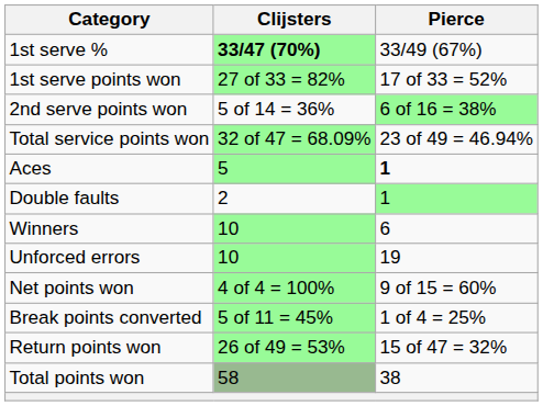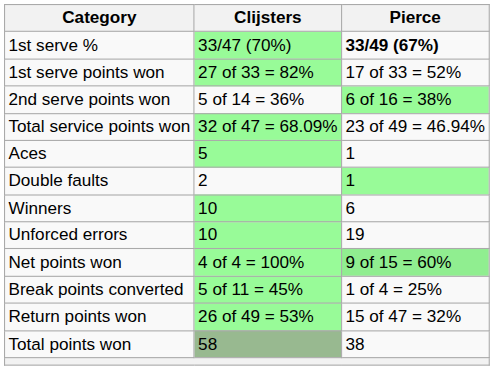 <table class="wikitable">
 <tr>
 <th>Category</th>
 <th> Clijsters</th>
 <th> Pierce</th>
 </tr>
 <tr>
 <td>1st serve %</td>
-<td bgcolor=98FB98><strong>33/47 (70%)</strong></td>
-<td>33/49 (67%)</td>
+<td bgcolor=98FB98>33/47 (70%)</td>
+<td><strong>33/49 (67%)</strong></td>
 </tr>
 <tr>
 <td>1st serve points won</td>
 <td bgcolor=98FB98>27 of 33 = 82%</td>
 <td>17 of 33 = 52%</td>
 </tr>
 <tr>
 <td>2nd serve points won</td>
 <td>5 of 14 = 36%</td>
 <td bgcolor=98FB98>6 of 16 = 38%</td>
 </tr>
 <tr>
 <td>Total service points won</td>
 <td bgcolor=98FB98>32 of 47 = 68.09%</td>
 <td>23 of 49 = 46.94%</td>
 </tr>
 <tr>
 <td>Aces</td>
 <td bgcolor=98FB98>5</td>
-<td><strong>1</strong></td>
+<td>1</td>
 </tr>
 <tr>
 <td>Double faults</td>
 <td>2</td>
 <td bgcolor=98FB98>1</td>
 </tr>
 <tr>
 <td>Winners</td>
 <td bgcolor=98FB98>10</td>
 <td>6</td>
 </tr>
 <tr>
 <td>Unforced errors</td>
 <td bgcolor=98FB98>10</td>
 <td>19</td>
 </tr>
 <tr>
 <td>Net points won</td>
 <td bgcolor=98FB98>4 of 4 = 100%</td>
-<td>9 of 15 = 60%</td>
+<td style="background: lightgreen;">9 of 15 = 60%</td>
 </tr>
 <tr>
 <td>Break points converted</td>
 <td bgcolor=98FB98>5 of 11 = 45%</td>
 <td>1 of 4 = 25%</td>
 </tr>
 <tr>
 <td>Return points won</td>
 <td bgcolor=98FB98>26 of 49 = 53%</td>
 <td>15 of 47 = 32%</td>
 </tr>
 <tr>
 <td>Total points won</td>
 <td bgcolor=98FB989>58</td>
 <td>38</td>
 </tr>
 <tr>
 <th colspan=3></th>
 </tr>
 </table>
